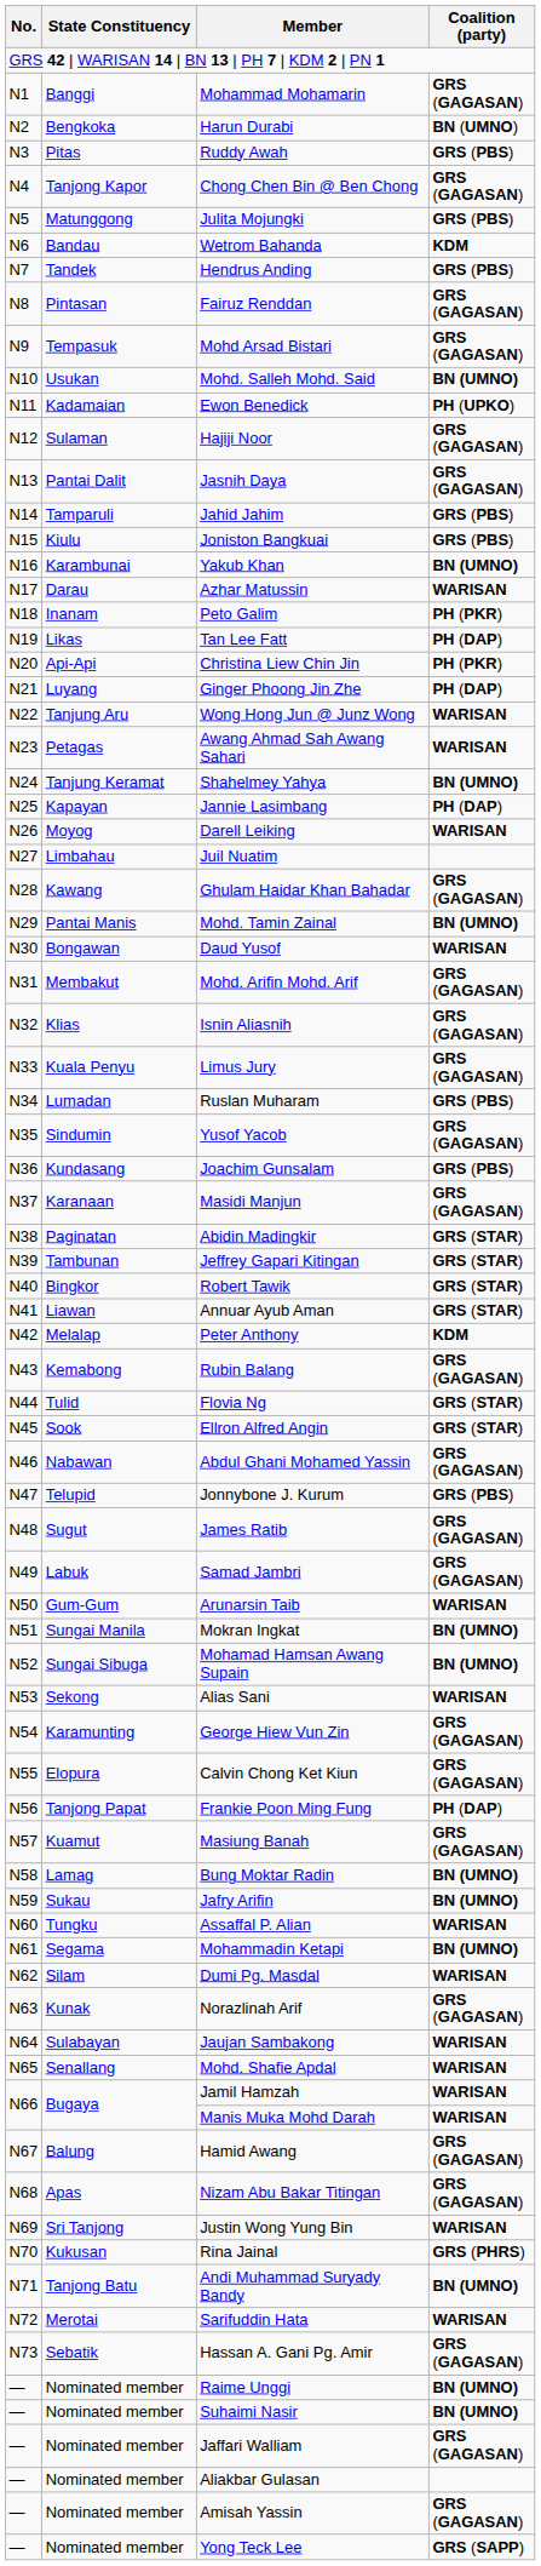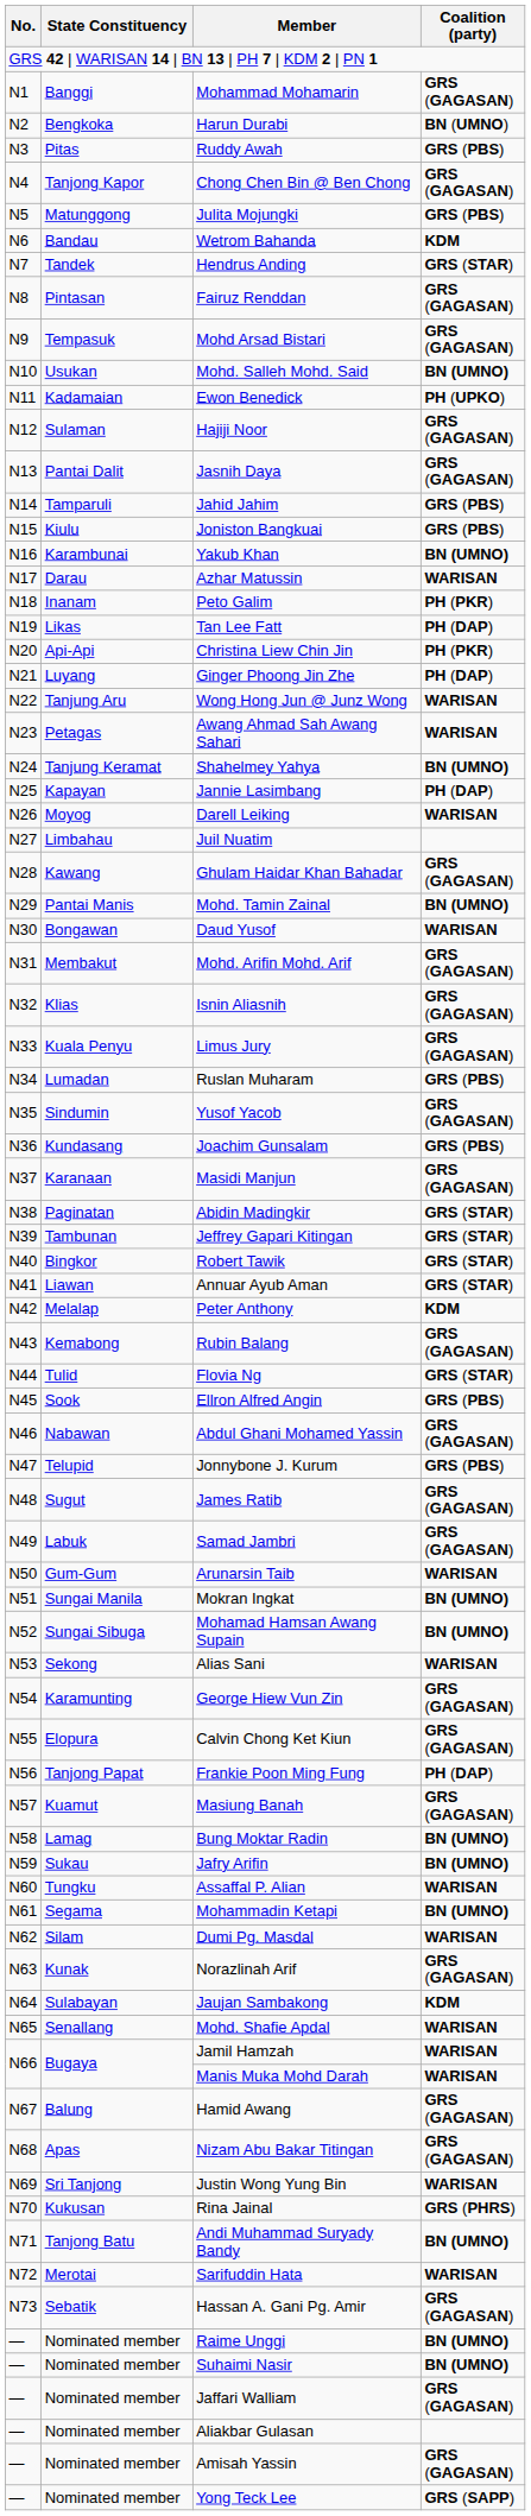 <table class="wikitable sortable">
 <tr>
 <th style="width:30px;">No.</th>
 <th style="width:150px;">State Constituency</th>
 <th style="width:230px;">Member</th>
 <th style="width:100px;">Coalition (party)</th>
 </tr>
 <tr>
 <td colspan="7"><a href='#'>GRS</a> <strong>42</strong> | <a href='#'>WARISAN</a> <strong>14</strong> | <a href='#'>BN</a> <strong>13</strong> | <a href='#'>PH</a> <strong>7</strong>  | <a href='#'>KDM</a> <strong>2</strong> | <a href='#'>PN</a> <strong>1</strong></td>
 </tr>
 <tr>
 <td>N1</td>
 <td><a href='#'>Banggi</a></td>
 <td><a href='#'>Mohammad Mohamarin</a></td>
 <td style="background:"><strong>GRS</strong> (<strong>GAGASAN</strong>)</td>
 </tr>
 <tr>
 <td>N2</td>
 <td><a href='#'>Bengkoka</a></td>
 <td><a href='#'>Harun Durabi</a></td>
 <td style="background:"><strong>BN</strong> (<strong>UMNO</strong>)</td>
 </tr>
 <tr>
 <td>N3</td>
 <td><a href='#'>Pitas</a></td>
 <td><a href='#'>Ruddy Awah</a></td>
 <td style="background:"><strong>GRS</strong> (<strong>PBS</strong>)</td>
 </tr>
 <tr>
 <td>N4</td>
 <td><a href='#'>Tanjong Kapor</a></td>
 <td><a href='#'>Chong Chen Bin @ Ben Chong</a></td>
 <td style="background:"><strong>GRS</strong> (<strong>GAGASAN</strong>)</td>
 </tr>
 <tr>
 <td>N5</td>
 <td><a href='#'>Matunggong</a></td>
 <td><a href='#'>Julita Mojungki</a></td>
 <td style="background:"><strong>GRS</strong> (<strong>PBS</strong>)</td>
 </tr>
 <tr>
 <td>N6</td>
 <td><a href='#'>Bandau</a></td>
 <td><a href='#'>Wetrom Bahanda</a></td>
 <td style="background:"><strong>KDM</strong></td>
 </tr>
 <tr>
 <td>N7</td>
 <td><a href='#'>Tandek</a></td>
 <td><a href='#'>Hendrus Anding</a></td>
-<td style="background:"><strong>GRS</strong> (<strong>PBS</strong>)</td>
+<td style="background:"><strong>GRS</strong> (<strong>STAR</strong>)</td>
 </tr>
 <tr>
 <td>N8</td>
 <td><a href='#'>Pintasan</a></td>
 <td><a href='#'>Fairuz Renddan</a></td>
 <td style="background:"><strong>GRS</strong> (<strong>GAGASAN</strong>)</td>
 </tr>
 <tr>
 <td>N9</td>
 <td><a href='#'>Tempasuk</a></td>
 <td><a href='#'>Mohd Arsad Bistari</a></td>
 <td style="background:"><strong>GRS</strong> (<strong>GAGASAN</strong>)</td>
 </tr>
 <tr>
 <td>N10</td>
 <td><a href='#'>Usukan</a></td>
 <td><a href='#'>Mohd. Salleh Mohd. Said</a></td>
 <td style="background:"><strong>BN (UMNO)</strong></td>
 </tr>
 <tr>
 <td>N11</td>
 <td><a href='#'>Kadamaian</a></td>
 <td><a href='#'>Ewon Benedick</a></td>
 <td style="background:"><strong>PH</strong> (<strong>UPKO</strong>)</td>
 </tr>
 <tr>
 <td>N12</td>
 <td><a href='#'>Sulaman</a></td>
 <td><a href='#'>Hajiji Noor</a></td>
 <td style="background:"><strong>GRS</strong> (<strong>GAGASAN</strong>)</td>
 </tr>
 <tr>
 <td>N13</td>
 <td><a href='#'>Pantai Dalit</a></td>
 <td><a href='#'>Jasnih Daya</a></td>
 <td style="background:"><strong>GRS</strong> (<strong>GAGASAN</strong>)</td>
 </tr>
 <tr>
 <td>N14</td>
 <td><a href='#'>Tamparuli</a></td>
 <td><a href='#'>Jahid Jahim</a></td>
 <td style="background:"><strong>GRS</strong> (<strong>PBS</strong>)</td>
 </tr>
 <tr>
 <td>N15</td>
 <td><a href='#'>Kiulu</a></td>
 <td><a href='#'>Joniston Bangkuai</a></td>
 <td style="background:"><strong>GRS</strong> (<strong>PBS</strong>)</td>
 </tr>
 <tr>
 <td>N16</td>
 <td><a href='#'>Karambunai</a></td>
 <td><a href='#'>Yakub Khan</a></td>
 <td style="background:"><strong>BN (UMNO)</strong></td>
 </tr>
 <tr>
 <td>N17</td>
 <td><a href='#'>Darau</a></td>
 <td><a href='#'>Azhar Matussin</a></td>
 <td style="background:"><strong>WARISAN</strong></td>
 </tr>
 <tr>
 <td>N18</td>
 <td><a href='#'>Inanam</a></td>
 <td><a href='#'>Peto Galim</a></td>
 <td style="background:"><strong>PH</strong> (<strong>PKR</strong>)</td>
 </tr>
 <tr>
 <td>N19</td>
 <td><a href='#'>Likas</a></td>
 <td><a href='#'>Tan Lee Fatt</a></td>
 <td style="background:"><strong>PH</strong> (<strong>DAP</strong>)</td>
 </tr>
 <tr>
 <td>N20</td>
 <td><a href='#'>Api-Api</a></td>
 <td><a href='#'>Christina Liew Chin Jin</a></td>
 <td style="background:"><strong>PH</strong> (<strong>PKR</strong>)</td>
 </tr>
 <tr>
 <td>N21</td>
 <td><a href='#'>Luyang</a></td>
 <td><a href='#'>Ginger Phoong Jin Zhe</a></td>
 <td style="background:"><strong>PH</strong> (<strong>DAP</strong>)</td>
 </tr>
 <tr>
 <td>N22</td>
 <td><a href='#'>Tanjung Aru</a></td>
 <td><a href='#'>Wong Hong Jun @ Junz Wong</a></td>
 <td style="background:"><strong>WARISAN</strong></td>
 </tr>
 <tr>
 <td>N23</td>
 <td><a href='#'>Petagas</a></td>
 <td><a href='#'>Awang Ahmad Sah Awang Sahari</a></td>
 <td style="background:"><strong>WARISAN</strong></td>
 </tr>
 <tr>
 <td>N24</td>
 <td><a href='#'>Tanjung Keramat</a></td>
 <td><a href='#'>Shahelmey Yahya</a></td>
 <td style="background:"><strong>BN (UMNO)</strong></td>
 </tr>
 <tr>
 <td>N25</td>
 <td><a href='#'>Kapayan</a></td>
 <td><a href='#'>Jannie Lasimbang</a></td>
 <td style="background:"><strong>PH</strong> (<strong>DAP</strong>)</td>
 </tr>
 <tr>
 <td>N26</td>
 <td><a href='#'>Moyog</a></td>
 <td><a href='#'>Darell Leiking</a></td>
 <td style="background:"><strong>WARISAN</strong></td>
 </tr>
 <tr>
 <td>N27</td>
 <td><a href='#'>Limbahau</a></td>
 <td><a href='#'>Juil Nuatim</a></td>
 <td></td>
 </tr>
 <tr>
 <td>N28</td>
 <td><a href='#'>Kawang</a></td>
 <td><a href='#'>Ghulam Haidar Khan Bahadar</a></td>
 <td style="background:"><strong>GRS</strong> (<strong>GAGASAN</strong>)</td>
 </tr>
 <tr>
 <td>N29</td>
 <td><a href='#'>Pantai Manis</a></td>
 <td><a href='#'>Mohd. Tamin Zainal</a></td>
 <td style="background:"><strong>BN (UMNO)</strong></td>
 </tr>
 <tr>
 <td>N30</td>
 <td><a href='#'>Bongawan</a></td>
 <td><a href='#'>Daud Yusof</a></td>
 <td style="background:"><strong>WARISAN</strong></td>
 </tr>
 <tr>
 <td>N31</td>
 <td><a href='#'>Membakut</a></td>
 <td><a href='#'>Mohd. Arifin Mohd. Arif</a></td>
 <td style="background:"><strong>GRS</strong> (<strong>GAGASAN</strong>)</td>
 </tr>
 <tr>
 <td>N32</td>
 <td><a href='#'>Klias</a></td>
 <td><a href='#'>Isnin Aliasnih</a></td>
 <td style="background:"><strong>GRS</strong> (<strong>GAGASAN</strong>)</td>
 </tr>
 <tr>
 <td>N33</td>
 <td><a href='#'>Kuala Penyu</a></td>
 <td><a href='#'>Limus Jury</a></td>
 <td style="background:"><strong>GRS</strong> (<strong>GAGASAN</strong>)</td>
 </tr>
 <tr>
 <td>N34</td>
 <td><a href='#'>Lumadan</a></td>
 <td>Ruslan Muharam</td>
 <td style="background:"><strong>GRS</strong> (<strong>PBS</strong>)</td>
 </tr>
 <tr>
 <td>N35</td>
 <td><a href='#'>Sindumin</a></td>
 <td><a href='#'>Yusof Yacob</a></td>
 <td style="background:"><strong>GRS</strong> (<strong>GAGASAN</strong>)</td>
 </tr>
 <tr>
 <td>N36</td>
 <td><a href='#'>Kundasang</a></td>
 <td><a href='#'>Joachim Gunsalam</a></td>
 <td style="background:"><strong>GRS</strong> (<strong>PBS</strong>)</td>
 </tr>
 <tr>
 <td>N37</td>
 <td><a href='#'>Karanaan</a></td>
 <td><a href='#'>Masidi Manjun</a></td>
 <td style="background:"><strong>GRS</strong> (<strong>GAGASAN</strong>)</td>
 </tr>
 <tr>
 <td>N38</td>
 <td><a href='#'>Paginatan</a></td>
 <td><a href='#'>Abidin Madingkir</a></td>
 <td style="background:"><strong>GRS</strong> (<strong>STAR</strong>)</td>
 </tr>
 <tr>
 <td>N39</td>
 <td><a href='#'>Tambunan</a></td>
 <td><a href='#'>Jeffrey Gapari Kitingan</a></td>
 <td style="background:"><strong>GRS</strong> (<strong>STAR</strong>)</td>
 </tr>
 <tr>
 <td>N40</td>
 <td><a href='#'>Bingkor</a></td>
 <td><a href='#'>Robert Tawik</a></td>
 <td style="background:"><strong>GRS</strong> (<strong>STAR</strong>)</td>
 </tr>
 <tr>
 <td>N41</td>
 <td><a href='#'>Liawan</a></td>
 <td>Annuar Ayub Aman</td>
 <td style="background:"><strong>GRS</strong> (<strong>STAR</strong>)</td>
 </tr>
 <tr>
 <td>N42</td>
 <td><a href='#'>Melalap</a></td>
 <td><a href='#'>Peter Anthony</a></td>
 <td style="background:"><strong>KDM</strong></td>
 </tr>
 <tr>
 <td>N43</td>
 <td><a href='#'>Kemabong</a></td>
 <td><a href='#'>Rubin Balang</a></td>
 <td style="background:"><strong>GRS</strong> (<strong>GAGASAN</strong>)</td>
 </tr>
 <tr>
 <td>N44</td>
 <td><a href='#'>Tulid</a></td>
 <td><a href='#'>Flovia Ng</a></td>
 <td style="background:"><strong>GRS</strong> (<strong>STAR</strong>)</td>
 </tr>
 <tr>
 <td>N45</td>
 <td><a href='#'>Sook</a></td>
 <td><a href='#'>Ellron Alfred Angin</a></td>
-<td style="background:"><strong>GRS</strong> (<strong>STAR</strong>)</td>
+<td style="background:"><strong>GRS</strong> (<strong>PBS</strong>)</td>
 </tr>
 <tr>
 <td>N46</td>
 <td><a href='#'>Nabawan</a></td>
 <td><a href='#'>Abdul Ghani Mohamed Yassin</a></td>
 <td style="background:"><strong>GRS</strong> (<strong>GAGASAN</strong>)</td>
 </tr>
 <tr>
 <td>N47</td>
 <td><a href='#'>Telupid</a></td>
 <td>Jonnybone J. Kurum</td>
 <td style="background:"><strong>GRS</strong> (<strong>PBS</strong>)</td>
 </tr>
 <tr>
 <td>N48</td>
 <td><a href='#'>Sugut</a></td>
 <td><a href='#'>James Ratib</a></td>
 <td style="background:"><strong>GRS</strong> (<strong>GAGASAN</strong>)</td>
 </tr>
 <tr>
 <td>N49</td>
 <td><a href='#'>Labuk</a></td>
 <td><a href='#'>Samad Jambri</a></td>
 <td style="background:"><strong>GRS</strong> (<strong>GAGASAN</strong>)</td>
 </tr>
 <tr>
 <td>N50</td>
 <td><a href='#'>Gum-Gum</a></td>
 <td><a href='#'>Arunarsin Taib</a></td>
 <td style="background:"><strong>WARISAN</strong></td>
 </tr>
 <tr>
 <td>N51</td>
 <td><a href='#'>Sungai Manila</a></td>
 <td>Mokran Ingkat</td>
 <td style="background:"><strong>BN (UMNO)</strong></td>
 </tr>
 <tr>
 <td>N52</td>
 <td><a href='#'>Sungai Sibuga</a></td>
 <td><a href='#'>Mohamad Hamsan Awang Supain</a></td>
 <td style="background:"><strong>BN (UMNO)</strong></td>
 </tr>
 <tr>
 <td>N53</td>
 <td><a href='#'>Sekong</a></td>
 <td>Alias Sani</td>
 <td style="background:"><strong>WARISAN</strong></td>
 </tr>
 <tr>
 <td>N54</td>
 <td><a href='#'>Karamunting</a></td>
 <td><a href='#'>George Hiew Vun Zin</a></td>
 <td style="background:"><strong>GRS</strong> (<strong>GAGASAN</strong>)</td>
 </tr>
 <tr>
 <td>N55</td>
 <td><a href='#'>Elopura</a></td>
 <td>Calvin Chong Ket Kiun</td>
 <td style="background:"><strong>GRS</strong> (<strong>GAGASAN</strong>)</td>
 </tr>
 <tr>
 <td>N56</td>
 <td><a href='#'>Tanjong Papat</a></td>
 <td><a href='#'>Frankie Poon Ming Fung</a></td>
 <td style="background:"><strong>PH</strong> (<strong>DAP</strong>)</td>
 </tr>
 <tr>
 <td>N57</td>
 <td><a href='#'>Kuamut</a></td>
 <td><a href='#'>Masiung Banah</a></td>
 <td style="background:"><strong>GRS</strong> (<strong>GAGASAN</strong>)</td>
 </tr>
 <tr>
 <td>N58</td>
 <td><a href='#'>Lamag</a></td>
 <td><a href='#'>Bung Moktar Radin</a></td>
 <td style="background:"><strong>BN (UMNO)</strong></td>
 </tr>
 <tr>
 <td>N59</td>
 <td><a href='#'>Sukau</a></td>
 <td><a href='#'>Jafry Arifin</a></td>
 <td style="background:"><strong>BN (UMNO)</strong></td>
 </tr>
 <tr>
 <td>N60</td>
 <td><a href='#'>Tungku</a></td>
 <td><a href='#'>Assaffal P. Alian</a></td>
 <td style="background:"><strong>WARISAN</strong></td>
 </tr>
 <tr>
 <td>N61</td>
 <td><a href='#'>Segama</a></td>
 <td><a href='#'>Mohammadin Ketapi</a></td>
 <td style="background:"><strong>BN (UMNO)</strong></td>
 </tr>
 <tr>
 <td>N62</td>
 <td><a href='#'>Silam</a></td>
 <td><a href='#'>Dumi Pg. Masdal</a></td>
 <td style="background:"><strong>WARISAN</strong></td>
 </tr>
 <tr>
 <td>N63</td>
 <td><a href='#'>Kunak</a></td>
 <td>Norazlinah Arif</td>
 <td style="background:"><strong>GRS</strong> (<strong>GAGASAN</strong>)</td>
 </tr>
 <tr>
 <td>N64</td>
 <td><a href='#'>Sulabayan</a></td>
 <td><a href='#'>Jaujan Sambakong</a></td>
-<td style="background:"><strong>WARISAN</strong></td>
+<td style="background:"><strong>KDM</strong></td>
 </tr>
 <tr>
 <td>N65</td>
 <td><a href='#'>Senallang</a></td>
 <td><a href='#'>Mohd. Shafie Apdal</a></td>
 <td style="background:"><strong>WARISAN</strong></td>
 </tr>
 <tr>
 <td rowspan="2">N66</td>
 <td rowspan="2"><a href='#'>Bugaya</a></td>
 <td>Jamil Hamzah </td>
 <td style="background:"><strong>WARISAN</strong></td>
 </tr>
 <tr>
 <td><a href='#'>Manis Muka Mohd Darah</a> </td>
 <td style="background:"><strong>WARISAN</strong></td>
 </tr>
 <tr>
 <td>N67</td>
 <td><a href='#'>Balung</a></td>
 <td>Hamid Awang</td>
 <td style="background:"><strong>GRS</strong> (<strong>GAGASAN</strong>)</td>
 </tr>
 <tr>
 <td>N68</td>
 <td><a href='#'>Apas</a></td>
 <td><a href='#'>Nizam Abu Bakar Titingan</a></td>
 <td style="background:"><strong>GRS</strong> (<strong>GAGASAN</strong>)</td>
 </tr>
 <tr>
 <td>N69</td>
 <td><a href='#'>Sri Tanjong</a></td>
 <td>Justin Wong Yung Bin</td>
 <td style="background:"><strong>WARISAN</strong></td>
 </tr>
 <tr>
 <td>N70</td>
 <td><a href='#'>Kukusan</a></td>
 <td>Rina Jainal</td>
 <td style="background:"><strong>GRS</strong> (<strong>PHRS</strong>)</td>
 </tr>
 <tr>
 <td>N71</td>
 <td><a href='#'>Tanjong Batu</a></td>
 <td><a href='#'>Andi Muhammad Suryady Bandy</a></td>
 <td style="background:"><strong>BN (UMNO)</strong></td>
 </tr>
 <tr>
 <td>N72</td>
 <td><a href='#'>Merotai</a></td>
 <td><a href='#'>Sarifuddin Hata</a></td>
 <td style="background:"><strong>WARISAN</strong></td>
 </tr>
 <tr>
 <td>N73</td>
 <td><a href='#'>Sebatik</a></td>
 <td>Hassan A. Gani Pg. Amir</td>
 <td style="background:"><strong>GRS</strong> (<strong>GAGASAN</strong>)</td>
 </tr>
 <tr>
 <td>—</td>
 <td>Nominated member</td>
 <td><a href='#'>Raime Unggi</a></td>
 <td style="background:"><strong>BN (UMNO)</strong></td>
 </tr>
 <tr>
 <td>—</td>
 <td>Nominated member</td>
 <td><a href='#'>Suhaimi Nasir</a></td>
 <td style="background:"><strong>BN (UMNO)</strong></td>
 </tr>
 <tr>
 <td>—</td>
 <td>Nominated member</td>
 <td>Jaffari Walliam</td>
 <td style="background:"><strong>GRS</strong> (<strong>GAGASAN</strong>)</td>
 </tr>
 <tr>
 <td>—</td>
 <td>Nominated member</td>
 <td>Aliakbar Gulasan</td>
 <td style="background:"></td>
 </tr>
 <tr>
 <td>—</td>
 <td>Nominated member</td>
 <td>Amisah Yassin</td>
 <td style="background:"><strong>GRS</strong> (<strong>GAGASAN</strong>)</td>
 </tr>
 <tr>
 <td>—</td>
 <td>Nominated member</td>
 <td><a href='#'>Yong Teck Lee</a></td>
 <td style="background:"><strong>GRS</strong> (<strong>SAPP</strong>)</td>
 </tr>
 </table>
